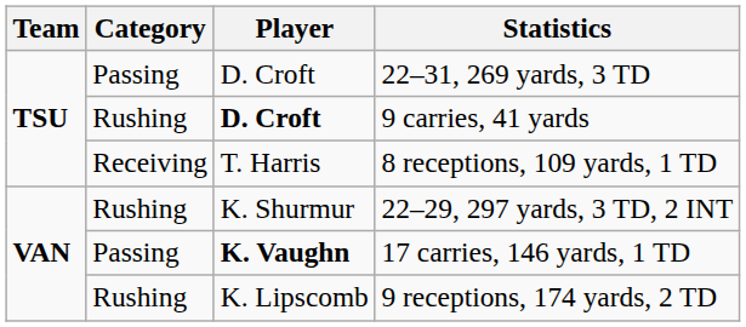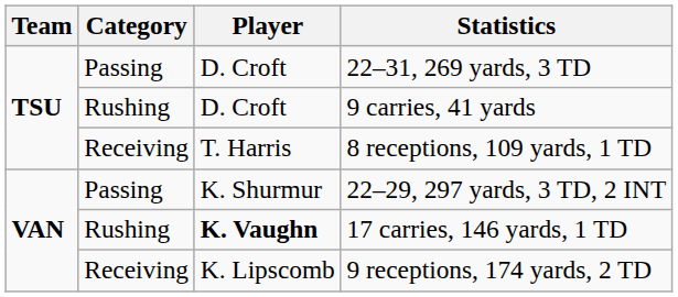 <table class="wikitable" style="float: right;">
 <tr>
 <th>Team</th>
 <th>Category</th>
 <th>Player</th>
 <th>Statistics</th>
 </tr>
 <tr>
 <td rowspan=3><strong>TSU</strong></td>
 <td>Passing</td>
 <td>D. Croft</td>
 <td>22–31, 269 yards, 3 TD</td>
 </tr>
 <tr>
 <td>Rushing</td>
-<td><strong>D. Croft</strong></td>
+<td>D. Croft</td>
 <td>9 carries, 41 yards</td>
 </tr>
 <tr>
 <td>Receiving</td>
 <td>T. Harris</td>
 <td>8 receptions, 109 yards, 1 TD</td>
 </tr>
 <tr>
 <td rowspan=3><strong>VAN</strong></td>
-<td>Rushing</td>
+<td>Passing</td>
 <td>K. Shurmur</td>
 <td>22–29, 297 yards, 3 TD, 2 INT</td>
 </tr>
 <tr>
-<td>Passing</td>
+<td>Rushing</td>
 <td><strong>K. Vaughn</strong></td>
 <td>17 carries, 146 yards, 1 TD</td>
 </tr>
 <tr>
-<td>Rushing</td>
+<td>Receiving</td>
 <td>K. Lipscomb</td>
 <td>9 receptions, 174 yards, 2 TD</td>
 </tr>
 </table>
